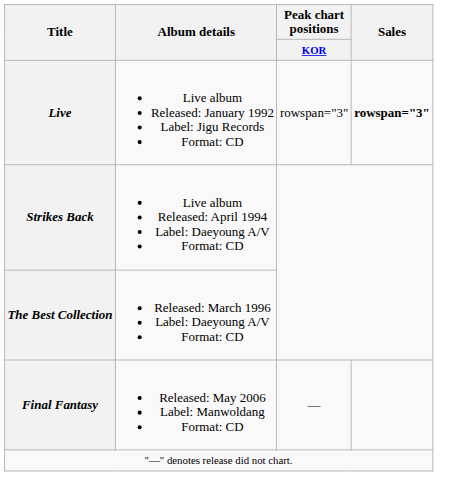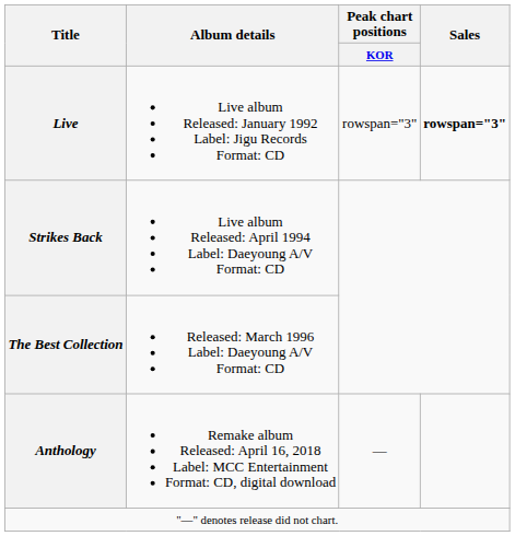 <table class="wikitable plainrowheaders" style="text-align:center;">
 <tr>
 <th rowspan="2" scope="col">Title</th>
 <th rowspan="2" scope="col">Album details</th>
 <th colspan="1" scope="col" style="width:5em;">Peak chart positions</th>
 <th rowspan="2" scope="col">Sales</th>
 </tr>
 <tr>
 <th><small><a href='#'>KOR</a></small><br></th>
 </tr>
 <tr>
 <th scope="row"><em>Live</em></th>
 <td><br><ul><li>Live album</li><li>Released: January 1992</li><li>Label: Jigu Records</li><li>Format: CD</li></ul></td>
 <td>rowspan="3" </td>
 <td><strong>rowspan="3" </strong></td>
 </tr>
 <tr>
 <th scope="row"><em>Strikes Back</em></th>
 <td><br><ul><li>Live album</li><li>Released: April 1994</li><li>Label: Daeyoung A/V</li><li>Format: CD</li></ul></td>
 </tr>
 <tr>
 <th scope="row"><em>The Best Collection</em></th>
 <td><br><ul><li>Released: March 1996</li><li>Label: Daeyoung A/V</li><li>Format: CD</li></ul></td>
 </tr>
 <tr>
-<th scope="row"><em>Final Fantasy</em></th>
-<td><br><ul><li>Released: May 2006</li><li>Label: Manwoldang</li><li>Format: CD</li></ul></td>
+<th scope="row"><em>Anthology</em></th>
+<td><br><ul><li>Remake album</li><li>Released: April 16, 2018</li><li>Label: MCC Entertainment</li><li>Format: CD, digital download</li></ul></td>
 <td>—</td>
 <td></td>
 </tr>
 <tr>
 <td colspan="4"><small>"—" denotes release did not chart.</small></td>
 </tr>
 </table>
